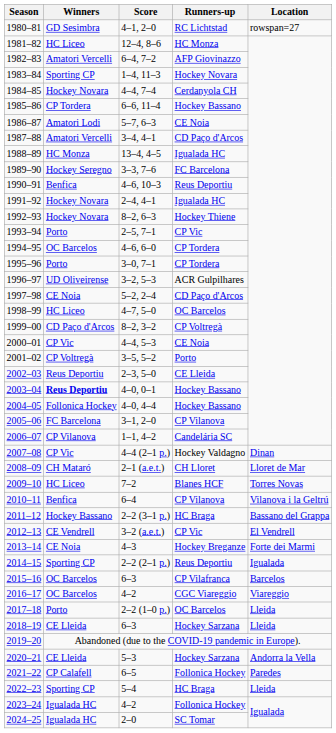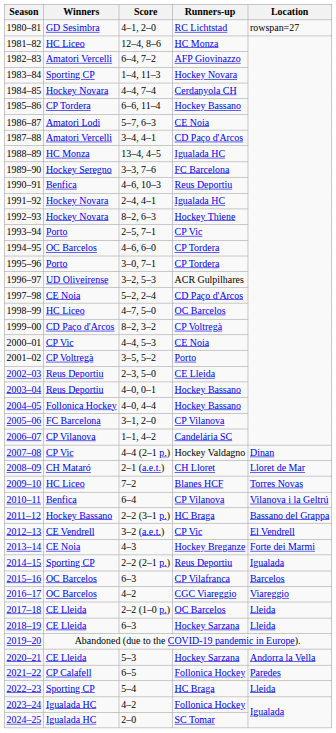 <table class="wikitable">
 <tr>
 <th scope="col">Season</th>
 <th scope="col">Winners</th>
 <th scope="col" class="unsortable">Score</th>
 <th scope="col">Runners-up</th>
 <th scope="col">Location </th>
 </tr>
 <tr>
 <td>1980–81</td>
 <td> <a href='#'>GD Sesimbra</a></td>
 <td>4–1, 2–0</td>
 <td> <a href='#'>RC Lichtstad</a></td>
 <td>rowspan=27  </td>
 </tr>
 <tr>
 <td>1981–82</td>
 <td> <a href='#'>HC Liceo</a></td>
 <td>12–4, 8–6</td>
 <td> <a href='#'>HC Monza</a></td>
 </tr>
 <tr>
 <td>1982–83</td>
 <td> <a href='#'>Amatori Vercelli</a></td>
 <td>6–4, 7–2</td>
 <td> <a href='#'>AFP Giovinazzo</a></td>
 </tr>
 <tr>
 <td>1983–84</td>
 <td> <a href='#'>Sporting CP</a></td>
 <td>1–4, 11–3</td>
 <td> <a href='#'>Hockey Novara</a></td>
 </tr>
 <tr>
 <td>1984–85</td>
 <td> <a href='#'>Hockey Novara</a></td>
 <td>4–4, 7–4</td>
 <td> <a href='#'>Cerdanyola CH</a></td>
 </tr>
 <tr>
 <td>1985–86</td>
 <td> <a href='#'>CP Tordera</a></td>
 <td>6–6, 11–4</td>
 <td> <a href='#'>Hockey Bassano</a></td>
 </tr>
 <tr>
 <td>1986–87</td>
 <td> <a href='#'>Amatori Lodi</a></td>
 <td>5–7, 6–3</td>
 <td> <a href='#'>CE Noia</a></td>
 </tr>
 <tr>
 <td>1987–88</td>
 <td> <a href='#'>Amatori Vercelli</a></td>
 <td>3–4, 4–1</td>
 <td> <a href='#'>CD Paço d'Arcos</a></td>
 </tr>
 <tr>
 <td>1988–89</td>
 <td> <a href='#'>HC Monza</a></td>
 <td>13–4, 4–5</td>
 <td> <a href='#'>Igualada HC</a></td>
 </tr>
 <tr>
 <td>1989–90</td>
 <td> <a href='#'>Hockey Seregno</a></td>
 <td>3–3, 7–6</td>
 <td> <a href='#'>FC Barcelona</a></td>
 </tr>
 <tr>
 <td>1990–91</td>
 <td> <a href='#'>Benfica</a></td>
 <td>4–6, 10–3</td>
 <td> <a href='#'>Reus Deportiu</a></td>
 </tr>
 <tr>
 <td>1991–92</td>
 <td> <a href='#'>Hockey Novara</a></td>
 <td>2–4, 4–1</td>
 <td> <a href='#'>Igualada HC</a></td>
 </tr>
 <tr>
 <td>1992–93</td>
 <td> <a href='#'>Hockey Novara</a></td>
 <td>8–2, 6–3</td>
 <td> <a href='#'>Hockey Thiene</a></td>
 </tr>
 <tr>
 <td>1993–94</td>
 <td> <a href='#'>Porto</a></td>
 <td>2–5, 7–1</td>
 <td> <a href='#'>CP Vic</a></td>
 </tr>
 <tr>
 <td>1994–95</td>
 <td> <a href='#'>OC Barcelos</a></td>
 <td>4–6, 6–0</td>
 <td> <a href='#'>CP Tordera</a></td>
 </tr>
 <tr>
 <td>1995–96</td>
 <td> <a href='#'>Porto</a></td>
 <td>3–0, 7–1</td>
 <td> <a href='#'>CP Tordera</a></td>
 </tr>
 <tr>
 <td>1996–97</td>
 <td> <a href='#'>UD Oliveirense</a></td>
 <td>3–2, 5–3</td>
 <td> ACR Gulpilhares</td>
 </tr>
 <tr>
 <td>1997–98</td>
 <td> <a href='#'>CE Noia</a></td>
 <td>5–2, 2–4</td>
 <td> <a href='#'>CD Paço d'Arcos</a></td>
 </tr>
 <tr>
 <td>1998–99</td>
 <td> <a href='#'>HC Liceo</a></td>
 <td>4–7, 5–0</td>
 <td> <a href='#'>OC Barcelos</a></td>
 </tr>
 <tr>
 <td>1999–00</td>
 <td> <a href='#'>CD Paço d'Arcos</a></td>
 <td>8–2, 3–2</td>
 <td> <a href='#'>CP Voltregà</a></td>
 </tr>
 <tr>
 <td>2000–01</td>
 <td> <a href='#'>CP Vic</a></td>
 <td>4–4, 5–3</td>
 <td> <a href='#'>CE Noia</a></td>
 </tr>
 <tr>
 <td>2001–02</td>
 <td> <a href='#'>CP Voltregà</a></td>
 <td>3–5, 5–2</td>
 <td> <a href='#'>Porto</a></td>
 </tr>
 <tr>
 <td><a href='#'>2002–03</a></td>
 <td> <a href='#'>Reus Deportiu</a></td>
 <td>2–3, 5–0</td>
 <td> <a href='#'>CE Lleida</a></td>
 </tr>
 <tr>
 <td><a href='#'>2003–04</a></td>
-<td><strong> <a href='#'>Reus Deportiu</a></strong></td>
+<td> <a href='#'>Reus Deportiu</a></td>
 <td>4–0, 0–1</td>
 <td> <a href='#'>Hockey Bassano</a></td>
 </tr>
 <tr>
 <td><a href='#'>2004–05</a></td>
 <td> <a href='#'>Follonica Hockey</a></td>
 <td>4–0, 4–4</td>
 <td> <a href='#'>Hockey Bassano</a></td>
 </tr>
 <tr>
 <td><a href='#'>2005–06</a></td>
 <td> <a href='#'>FC Barcelona</a></td>
 <td>3–1, 2–0</td>
 <td> <a href='#'>CP Vilanova</a></td>
 </tr>
 <tr>
 <td><a href='#'>2006–07</a></td>
 <td> <a href='#'>CP Vilanova</a></td>
 <td>1–1, 4–2</td>
 <td> <a href='#'>Candelária SC</a></td>
 </tr>
 <tr>
 <td><a href='#'>2007–08</a></td>
 <td> <a href='#'>CP Vic</a></td>
 <td>4–4 (2–1 <a href='#'>p.</a>)</td>
 <td> Hockey Valdagno</td>
 <td> <a href='#'>Dinan</a></td>
 </tr>
 <tr>
 <td><a href='#'>2008–09</a></td>
 <td> <a href='#'>CH Mataró</a></td>
 <td>2–1 (<a href='#'>a.e.t.</a>)</td>
 <td> <a href='#'>CH Lloret</a></td>
 <td> <a href='#'>Lloret de Mar</a></td>
 </tr>
 <tr>
 <td><a href='#'>2009–10</a></td>
 <td> <a href='#'>HC Liceo</a></td>
 <td>7–2</td>
 <td> <a href='#'>Blanes HCF</a></td>
 <td> <a href='#'>Torres Novas</a></td>
 </tr>
 <tr>
 <td><a href='#'>2010–11</a></td>
 <td> <a href='#'>Benfica</a></td>
 <td>6–4</td>
 <td> <a href='#'>CP Vilanova</a></td>
 <td> <a href='#'>Vilanova i la Geltrú</a></td>
 </tr>
 <tr>
 <td><a href='#'>2011–12</a></td>
 <td> <a href='#'>Hockey Bassano</a></td>
 <td>2–2 (3–1 <a href='#'>p.</a>)</td>
 <td> <a href='#'>HC Braga</a></td>
 <td> <a href='#'>Bassano del Grappa</a></td>
 </tr>
 <tr>
 <td><a href='#'>2012–13</a></td>
 <td> <a href='#'>CE Vendrell</a></td>
 <td>3–2 (<a href='#'>a.e.t.</a>)</td>
 <td> <a href='#'>CP Vic</a></td>
 <td> <a href='#'>El Vendrell</a></td>
 </tr>
 <tr>
 <td><a href='#'>2013–14</a></td>
 <td> <a href='#'>CE Noia</a></td>
 <td>4–3</td>
 <td> <a href='#'>Hockey Breganze</a></td>
 <td> <a href='#'>Forte dei Marmi</a></td>
 </tr>
 <tr>
 <td><a href='#'>2014–15</a></td>
 <td> <a href='#'>Sporting CP</a></td>
 <td>2–2 (2–1 <a href='#'>p.</a>)</td>
 <td> <a href='#'>Reus Deportiu</a></td>
 <td> <a href='#'>Igualada</a></td>
 </tr>
 <tr>
 <td><a href='#'>2015–16</a></td>
 <td> <a href='#'>OC Barcelos</a></td>
 <td>6–3</td>
 <td> <a href='#'>CP Vilafranca</a></td>
 <td> <a href='#'>Barcelos</a></td>
 </tr>
 <tr>
 <td><a href='#'>2016–17</a></td>
 <td> <a href='#'>OC Barcelos</a></td>
 <td>4–2</td>
 <td> <a href='#'>CGC Viareggio</a></td>
 <td> <a href='#'>Viareggio</a></td>
 </tr>
 <tr>
 <td><a href='#'>2017–18</a></td>
-<td> <a href='#'>Porto</a></td>
+<td> <a href='#'>CE Lleida</a></td>
 <td>2–2 (1–0 <a href='#'>p.</a>)</td>
 <td> <a href='#'>OC Barcelos</a></td>
 <td> <a href='#'>Lleida</a></td>
 </tr>
 <tr>
 <td><a href='#'>2018–19</a></td>
 <td> <a href='#'>CE Lleida</a></td>
 <td>6–3</td>
 <td> <a href='#'>Hockey Sarzana</a></td>
 <td> <a href='#'>Lleida</a></td>
 </tr>
 <tr>
 <td><a href='#'>2019–20</a></td>
 <td colspan=4; align=center>Abandoned (due to the <a href='#'>COVID-19 pandemic in Europe</a>).</td>
 </tr>
 <tr>
 <td><a href='#'>2020–21</a></td>
 <td> <a href='#'>CE Lleida</a></td>
 <td>5–3</td>
 <td> <a href='#'>Hockey Sarzana</a></td>
 <td> <a href='#'>Andorra la Vella</a></td>
 </tr>
 <tr>
 <td><a href='#'>2021–22</a></td>
 <td> <a href='#'>CP Calafell</a></td>
 <td>6–5</td>
 <td> <a href='#'>Follonica Hockey</a></td>
 <td> <a href='#'>Paredes</a></td>
 </tr>
 <tr>
 <td><a href='#'>2022–23</a></td>
 <td> <a href='#'>Sporting CP</a></td>
 <td>5–4</td>
 <td> <a href='#'>HC Braga</a></td>
 <td> <a href='#'>Lleida</a></td>
 </tr>
 <tr>
 <td><a href='#'>2023–24</a></td>
 <td> <a href='#'>Igualada HC</a></td>
 <td>4–2</td>
 <td> <a href='#'>Follonica Hockey</a></td>
 <td rowspan=2> <a href='#'>Igualada</a></td>
 </tr>
 <tr>
 <td><a href='#'>2024–25</a></td>
 <td> <a href='#'>Igualada HC</a></td>
 <td>2–0</td>
 <td> <a href='#'>SC Tomar</a></td>
 </tr>
 </table>
